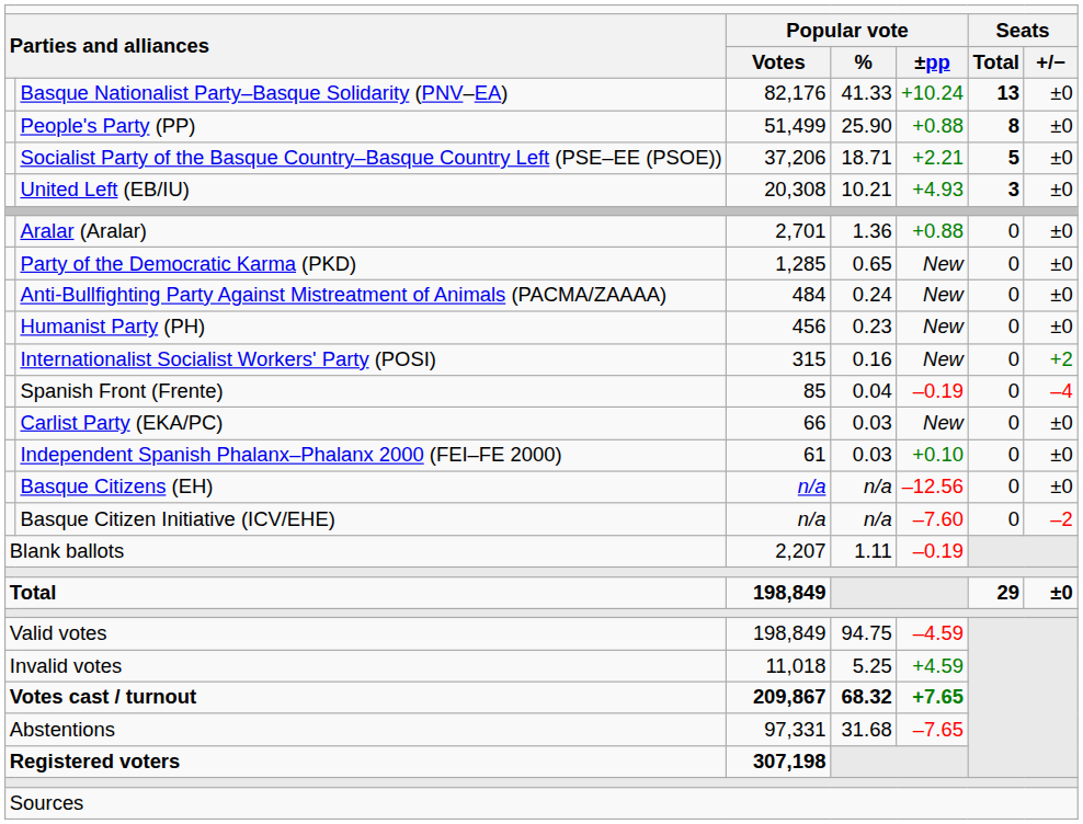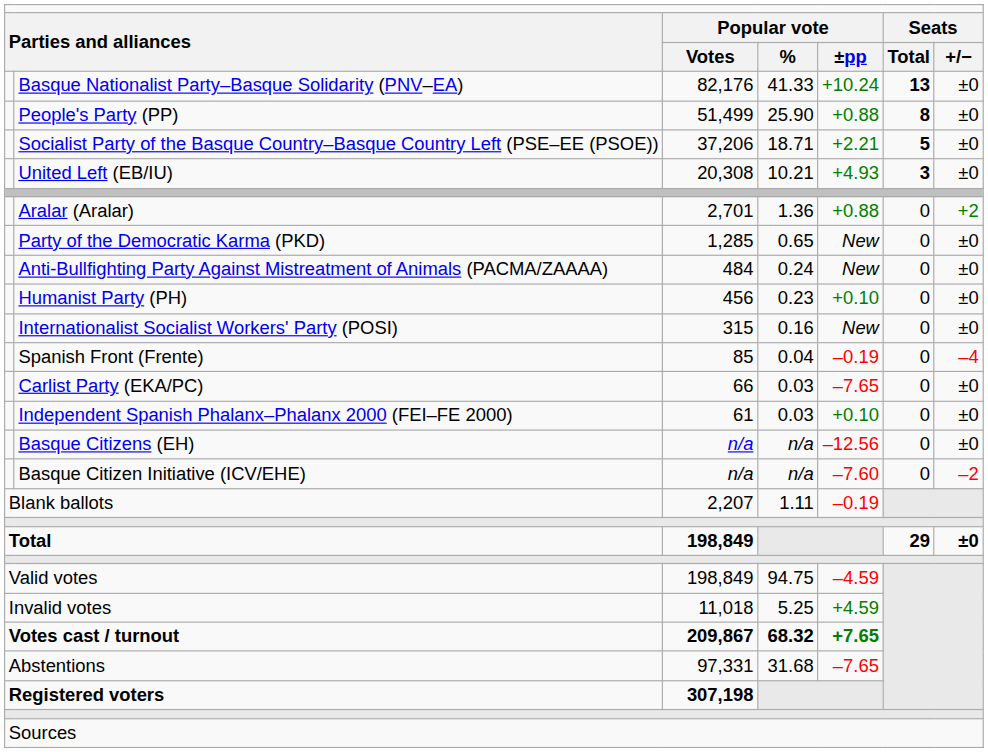 <table class="wikitable" style="text-align:right;">
 <tr>
 <td colspan="7"></td>
 </tr>
 <tr>
 <th style="text-align:left;" rowspan="2" colspan="2" width="525">Parties and alliances</th>
 <th colspan="3">Popular vote</th>
 <th colspan="2">Seats</th>
 </tr>
 <tr>
 <th width="75">Votes</th>
 <th width="45">%</th>
 <th width="45">±<a href='#'>pp</a></th>
 <th width="35">Total</th>
 <th width="35">+/−</th>
 </tr>
 <tr>
 <td width="1" style="color:inherit;background:"></td>
 <td align="left"><a href='#'>Basque Nationalist Party–Basque Solidarity</a> (<a href='#'>PNV</a>–<a href='#'>EA</a>)</td>
 <td>82,176</td>
 <td>41.33</td>
 <td style="color:green;">+10.24</td>
 <td><strong>13</strong></td>
 <td>±0</td>
 </tr>
 <tr>
 <td style="color:inherit;background:"></td>
 <td align="left"><a href='#'>People's Party</a> (PP)</td>
 <td>51,499</td>
 <td>25.90</td>
 <td style="color:green;">+0.88</td>
 <td><strong>8</strong></td>
 <td>±0</td>
 </tr>
 <tr>
 <td style="color:inherit;background:"></td>
 <td align="left"><a href='#'>Socialist Party of the Basque Country–Basque Country Left</a> (PSE–EE (PSOE))</td>
 <td>37,206</td>
 <td>18.71</td>
 <td style="color:green;">+2.21</td>
 <td><strong>5</strong></td>
 <td>±0</td>
 </tr>
 <tr>
 <td style="color:inherit;background:"></td>
 <td align="left"><a href='#'>United Left</a> (EB/IU)</td>
 <td>20,308</td>
 <td>10.21</td>
 <td style="color:green;">+4.93</td>
 <td><strong>3</strong></td>
 <td>±0</td>
 </tr>
 <tr>
 <td colspan="7" style="color:inherit;background:#C0C0C0"></td>
 </tr>
 <tr>
 <td style="color:inherit;background:"></td>
 <td align="left"><a href='#'>Aralar</a> (Aralar)</td>
 <td>2,701</td>
 <td>1.36</td>
 <td style="color:green;">+0.88</td>
 <td>0</td>
-<td>±0</td>
+<td style="color:green;">+2</td>
 </tr>
 <tr>
 <td style="color:inherit;background:"></td>
 <td align="left"><a href='#'>Party of the Democratic Karma</a> (PKD)</td>
 <td>1,285</td>
 <td>0.65</td>
 <td><em>New</em></td>
 <td>0</td>
 <td>±0</td>
 </tr>
 <tr>
 <td style="color:inherit;background:"></td>
 <td align="left"><a href='#'>Anti-Bullfighting Party Against Mistreatment of Animals</a> (PACMA/ZAAAA)</td>
 <td>484</td>
 <td>0.24</td>
 <td><em>New</em></td>
 <td>0</td>
 <td>±0</td>
 </tr>
 <tr>
 <td style="color:inherit;background:"></td>
 <td align="left"><a href='#'>Humanist Party</a> (PH)</td>
 <td>456</td>
 <td>0.23</td>
-<td><em>New</em></td>
+<td style="color:green;">+0.10</td>
 <td>0</td>
 <td>±0</td>
 </tr>
 <tr>
 <td style="color:inherit;background:"></td>
 <td align="left"><a href='#'>Internationalist Socialist Workers' Party</a> (POSI)</td>
 <td>315</td>
 <td>0.16</td>
 <td><em>New</em></td>
 <td>0</td>
-<td style="color:green;">+2</td>
+<td>±0</td>
 </tr>
 <tr>
 <td style="color:inherit;background:"></td>
 <td align="left">Spanish Front (Frente)</td>
 <td>85</td>
 <td>0.04</td>
 <td style="color:red;">–0.19</td>
 <td>0</td>
 <td style="color:red;">–4</td>
 </tr>
 <tr>
 <td style="color:inherit;background:"></td>
 <td align="left"><a href='#'>Carlist Party</a> (EKA/PC)</td>
 <td>66</td>
 <td>0.03</td>
-<td><em>New</em></td>
+<td style="color:red;">–7.65</td>
 <td>0</td>
 <td>±0</td>
 </tr>
 <tr>
 <td style="color:inherit;background:"></td>
 <td align="left"><a href='#'>Independent Spanish Phalanx–Phalanx 2000</a> (FEI–FE 2000)</td>
 <td>61</td>
 <td>0.03</td>
 <td style="color:green;">+0.10</td>
 <td>0</td>
 <td>±0</td>
 </tr>
 <tr>
 <td style="color:inherit;background:"></td>
 <td align="left"><a href='#'>Basque Citizens</a> (EH)</td>
 <td><em><a href='#'>n/a</a></em></td>
 <td><em>n/a</em></td>
 <td style="color:red;">–12.56</td>
 <td>0</td>
 <td>±0</td>
 </tr>
 <tr>
 <td style="color:inherit;background:"></td>
 <td align="left">Basque Citizen Initiative (ICV/EHE)</td>
 <td><em>n/a</em></td>
 <td><em>n/a</em></td>
 <td style="color:red;">–7.60</td>
 <td>0</td>
 <td style="color:red;">–2</td>
 </tr>
 <tr>
 <td align="left" colspan="2">Blank ballots</td>
 <td>2,207</td>
 <td>1.11</td>
 <td style="color:red;">–0.19</td>
 <td style="color:inherit;background:#E9E9E9" colspan="2"></td>
 </tr>
 <tr>
 <td colspan="7" style="color:inherit;background:#E9E9E9"></td>
 </tr>
 <tr style="font-weight:bold;">
 <td align="left" colspan="2">Total</td>
 <td>198,849</td>
 <td bgcolor="#E9E9E9" colspan="2"></td>
 <td>29</td>
 <td>±0</td>
 </tr>
 <tr>
 <td colspan="7" style="color:inherit;background:#E9E9E9"></td>
 </tr>
 <tr>
 <td align="left" colspan="2">Valid votes</td>
 <td>198,849</td>
 <td>94.75</td>
 <td style="color:red;">–4.59</td>
 <td bgcolor="#E9E9E9" colspan="2" rowspan="5"></td>
 </tr>
 <tr>
 <td align="left" colspan="2">Invalid votes</td>
 <td>11,018</td>
 <td>5.25</td>
 <td style="color:green;">+4.59</td>
 </tr>
 <tr style="font-weight:bold;">
 <td align="left" colspan="2">Votes cast / turnout</td>
 <td>209,867</td>
 <td>68.32</td>
 <td style="color:green;">+7.65</td>
 </tr>
 <tr>
 <td align="left" colspan="2">Abstentions</td>
 <td>97,331</td>
 <td>31.68</td>
 <td style="color:red;">–7.65</td>
 </tr>
 <tr style="font-weight:bold;">
 <td align="left" colspan="2">Registered voters</td>
 <td>307,198</td>
 <td bgcolor="#E9E9E9" colspan="2"></td>
 </tr>
 <tr>
 <td colspan="7" style="color:inherit;background:#E9E9E9"></td>
 </tr>
 <tr>
 <td align="left" colspan="7">Sources</td>
 </tr>
 </table>
